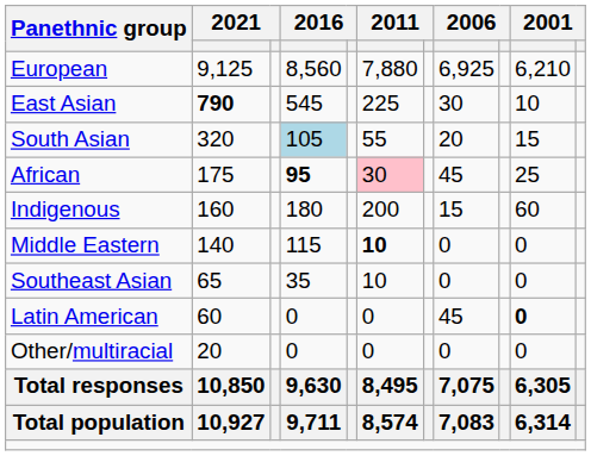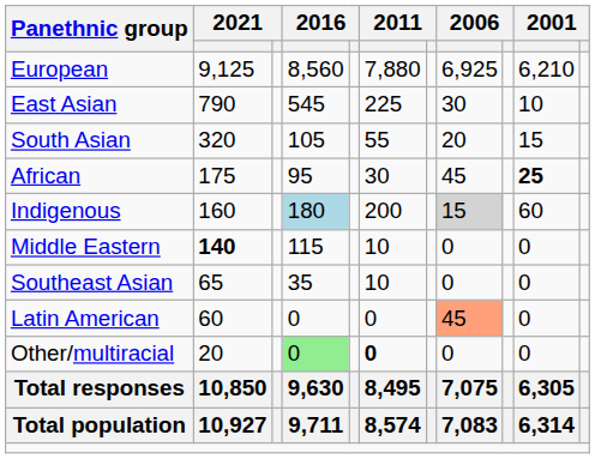 <table class="wikitable collapsible sortable">
 <tr>
 <th rowspan="2"><a href='#'>Panethnic</a> group</th>
 <th colspan="2">2021</th>
 <th colspan="2">2016</th>
 <th colspan="2">2011</th>
 <th colspan="2">2006</th>
 <th colspan="2">2001</th>
 </tr>
 <tr>
 <th><a href='#'></a></th>
 <th></th>
 <th></th>
 <th></th>
 <th></th>
 <th></th>
 <th></th>
 <th></th>
 <th></th>
 <th></th>
 </tr>
 <tr>
 <td><a href='#'>European</a></td>
 <td>9,125</td>
 <td></td>
 <td>8,560</td>
 <td></td>
 <td>7,880</td>
 <td></td>
 <td>6,925</td>
 <td></td>
 <td>6,210</td>
 <td></td>
 </tr>
 <tr>
 <td><a href='#'>East Asian</a></td>
-<td><strong>790</strong></td>
+<td>790</td>
 <td></td>
 <td>545</td>
 <td></td>
 <td>225</td>
 <td></td>
 <td>30</td>
 <td></td>
 <td>10</td>
 <td></td>
 </tr>
 <tr>
 <td><a href='#'>South Asian</a></td>
 <td>320</td>
 <td></td>
-<td style="background: lightblue;">105</td>
+<td>105</td>
 <td></td>
 <td>55</td>
 <td></td>
 <td>20</td>
 <td></td>
 <td>15</td>
 <td></td>
 </tr>
 <tr>
 <td><a href='#'>African</a></td>
 <td>175</td>
 <td></td>
-<td><strong>95</strong></td>
+<td>95</td>
 <td></td>
-<td style="background: pink;">30</td>
+<td>30</td>
 <td></td>
 <td>45</td>
 <td></td>
-<td>25</td>
+<td><strong>25</strong></td>
 <td></td>
 </tr>
 <tr>
 <td><a href='#'>Indigenous</a></td>
 <td>160</td>
 <td></td>
-<td>180</td>
+<td style="background: lightblue;">180</td>
 <td></td>
 <td>200</td>
 <td></td>
-<td>15</td>
+<td style="background: lightgrey;">15</td>
 <td></td>
 <td>60</td>
 <td></td>
 </tr>
 <tr>
 <td><a href='#'>Middle Eastern</a></td>
-<td>140</td>
+<td><strong>140</strong></td>
 <td></td>
 <td>115</td>
 <td></td>
-<td><strong>10</strong></td>
+<td>10</td>
 <td></td>
 <td>0</td>
 <td></td>
 <td>0</td>
 <td></td>
 </tr>
 <tr>
 <td><a href='#'>Southeast Asian</a></td>
 <td>65</td>
 <td></td>
 <td>35</td>
 <td></td>
 <td>10</td>
 <td></td>
 <td>0</td>
 <td></td>
 <td>0</td>
 <td></td>
 </tr>
 <tr>
 <td><a href='#'>Latin American</a></td>
 <td>60</td>
 <td></td>
 <td>0</td>
 <td></td>
 <td>0</td>
 <td></td>
-<td>45</td>
+<td style="background: lightsalmon;">45</td>
 <td></td>
-<td><strong>0</strong></td>
+<td>0</td>
 <td></td>
 </tr>
 <tr>
 <td>Other/<a href='#'>multiracial</a></td>
 <td>20</td>
 <td></td>
-<td>0</td>
+<td style="background: lightgreen;">0</td>
 <td></td>
-<td>0</td>
+<td><strong>0</strong></td>
 <td></td>
 <td>0</td>
 <td></td>
 <td>0</td>
 <td></td>
 </tr>
 <tr>
 <th>Total responses</th>
 <th>10,850</th>
 <th></th>
 <th>9,630</th>
 <th></th>
 <th>8,495</th>
 <th></th>
 <th>7,075</th>
 <th></th>
 <th>6,305</th>
 <th></th>
 </tr>
 <tr class="sortbottom">
 <th>Total population</th>
 <th>10,927</th>
 <th></th>
 <th>9,711</th>
 <th></th>
 <th>8,574</th>
 <th></th>
 <th>7,083</th>
 <th></th>
 <th>6,314</th>
 <th></th>
 </tr>
 <tr class="sortbottom">
 <td colspan="11"></td>
 </tr>
 </table>
